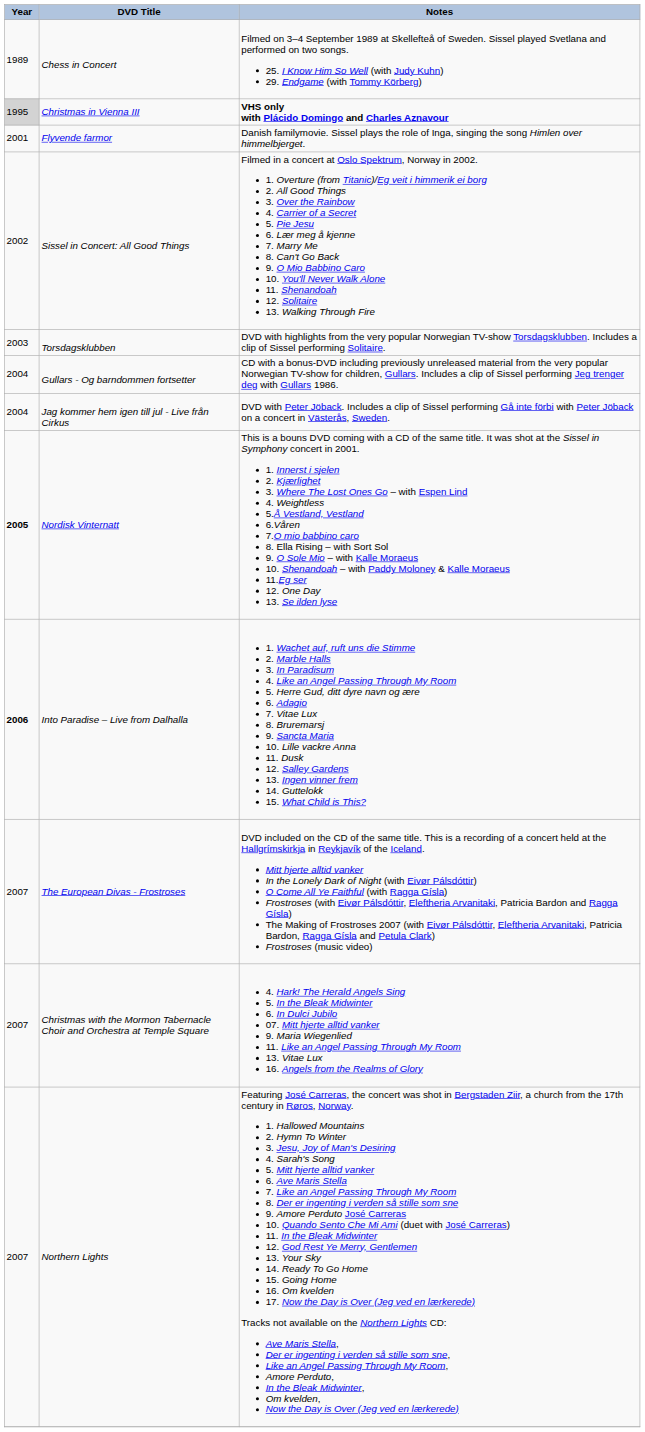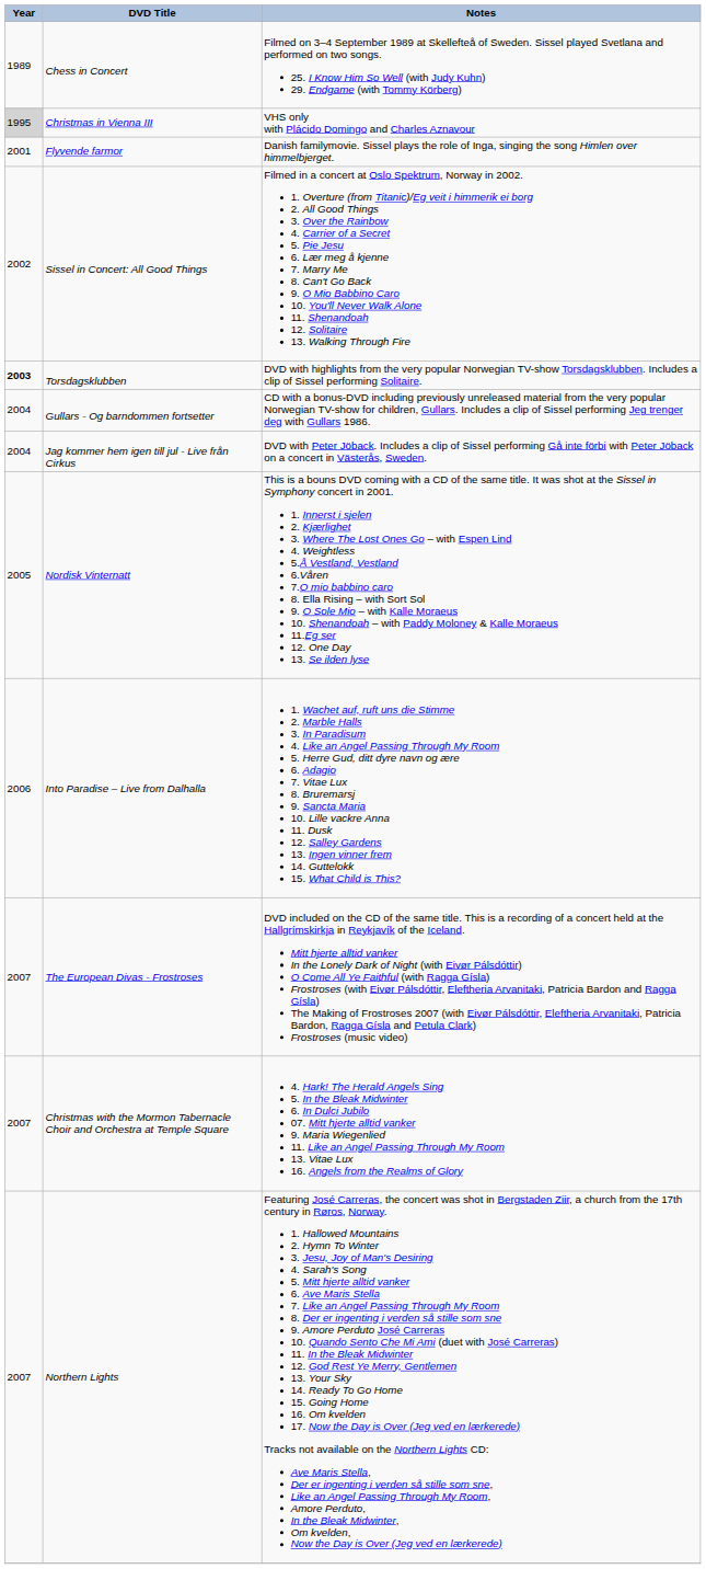 <table class="wikitable">
 <tr>
 <th style="background:#B0C4DE;" width="50">Year</th>
 <th style="background:#B0C4DE;" width="320">DVD Title</th>
 <th style="background:#B0C4DE;" width="650">Notes</th>
 </tr>
 <tr>
 <td>1989</td>
 <td><br><em>Chess in Concert</em></td>
 <td><br>Filmed on 3–4 September 1989 at Skellefteå of Sweden. Sissel played Svetlana and performed on two songs. <ul><li>25. <em><a href='#'>I Know Him So Well</a></em> (with <a href='#'>Judy Kuhn</a>)</li><li>29. <em><a href='#'>Endgame</a></em> (with <a href='#'>Tommy Körberg</a>)</li></ul></td>
 </tr>
 <tr>
 <td style="background: lightgrey;">1995</td>
 <td><em><a href='#'>Christmas in Vienna III</a></em></td>
-<td><strong>VHS only<br>with <a href='#'>Plácido Domingo</a> and <a href='#'>Charles Aznavour</a></strong></td>
+<td>VHS only<br>with <a href='#'>Plácido Domingo</a> and <a href='#'>Charles Aznavour</a></td>
 </tr>
 <tr>
 <td>2001</td>
 <td><em><a href='#'>Flyvende farmor</a></em></td>
 <td>Danish familymovie. Sissel plays the role of Inga, singing the song <em>Himlen over himmelbjerget</em>.</td>
 </tr>
 <tr>
 <td>2002</td>
 <td><br><em>Sissel in Concert: All Good Things</em></td>
 <td>Filmed in a concert at <a href='#'>Oslo Spektrum</a>, Norway in 2002.<br><ul><li>1. <em>Overture (from <a href='#'>Titanic</a>)/<a href='#'>Eg veit i himmerik ei borg</a></em></li><li>2. <em>All Good Things</em></li><li>3. <em><a href='#'>Over the Rainbow</a></em></li><li>4. <em><a href='#'>Carrier of a Secret</a></em></li><li>5. <em><a href='#'>Pie Jesu</a></em></li><li>6. <em>Lær meg å kjenne</em></li><li>7. <em>Marry Me</em></li><li>8. <em>Can't Go Back</em></li><li>9. <em><a href='#'>O Mio Babbino Caro</a></em></li><li>10. <em><a href='#'>You'll Never Walk Alone</a></em></li><li>11. <em><a href='#'>Shenandoah</a></em></li><li>12. <em><a href='#'>Solitaire</a></em></li><li>13. <em>Walking Through Fire</em></li></ul></td>
 </tr>
 <tr>
-<td>2003</td>
+<td><strong>2003</strong></td>
 <td><br><em>Torsdagsklubben</em></td>
 <td>DVD with highlights from the very popular Norwegian TV-show <a href='#'>Torsdagsklubben</a>. Includes a clip of Sissel performing <a href='#'>Solitaire</a>.</td>
 </tr>
 <tr>
 <td>2004</td>
 <td><br><em>Gullars - Og barndommen fortsetter</em></td>
 <td>CD with a bonus-DVD including previously unreleased material from the very popular Norwegian TV-show for children, <a href='#'>Gullars</a>. Includes a clip of Sissel performing <a href='#'>Jeg trenger deg</a> with <a href='#'>Gullars</a> 1986.</td>
 </tr>
 <tr>
 <td>2004</td>
 <td><br><em>Jag kommer hem igen till jul - Live från Cirkus</em></td>
 <td>DVD with <a href='#'>Peter Jöback</a>. Includes a clip of Sissel performing <a href='#'>Gå inte förbi</a> with <a href='#'>Peter Jöback</a> on a concert in <a href='#'>Västerås</a>, <a href='#'>Sweden</a>.</td>
 </tr>
 <tr>
-<td><strong>2005</strong></td>
+<td>2005</td>
 <td><em><a href='#'>Nordisk Vinternatt</a></em></td>
 <td>This is a bouns DVD coming with a CD of the same title. It was shot at the <em>Sissel in Symphony</em> concert in 2001.<br><ul><li>1. <em><a href='#'>Innerst i sjelen</a></em></li><li>2. <em><a href='#'>Kjærlighet</a></em></li><li>3. <em><a href='#'>Where The Lost Ones Go</a></em> – with <a href='#'>Espen Lind</a></li><li>4. <em>Weightless</em></li><li>5.<em><a href='#'>Å Vestland, Vestland</a></em></li><li>6.<em>Våren </em></li><li>7.<em><a href='#'>O mio babbino caro</a></em></li><li>8. Ella Rising – with Sort Sol</li><li>9. <em><a href='#'>O Sole Mio</a></em> – with <a href='#'>Kalle Moraeus</a></li><li>10. <em><a href='#'>Shenandoah</a></em> – with <a href='#'>Paddy Moloney</a> & <a href='#'>Kalle Moraeus</a></li><li>11.<em><a href='#'>Eg ser</a></em></li><li>12. <em>One Day</em></li><li>13. <em><a href='#'>Se ilden lyse</a></em></li></ul></td>
 </tr>
 <tr>
-<td><strong>2006</strong></td>
+<td>2006</td>
 <td><em>Into Paradise – Live from Dalhalla</em></td>
 <td><br><ul><li>1. <em><a href='#'>Wachet auf, ruft uns die Stimme</a></em></li><li>2. <em><a href='#'>Marble Halls</a></em></li><li>3. <em><a href='#'>In Paradisum</a></em></li><li>4. <em><a href='#'>Like an Angel Passing Through My Room</a></em></li><li>5. <em>Herre Gud, ditt dyre navn og ære</em></li><li>6. <em><a href='#'>Adagio</a></em></li><li>7. <em>Vitae Lux</em></li><li>8. <em>Bruremarsj</em></li><li>9. <em><a href='#'>Sancta Maria</a></em></li><li>10. <em>Lille vackre Anna</em></li><li>11. <em>Dusk</em></li><li>12. <em><a href='#'>Salley Gardens</a></em></li><li>13. <em><a href='#'>Ingen vinner frem</a></em></li><li>14. <em>Guttelokk</em></li><li>15. <em><a href='#'>What Child is This?</a></em></li></ul></td>
 </tr>
 <tr>
 <td>2007</td>
 <td><em><a href='#'>The European Divas - Frostroses</a></em></td>
 <td><br>DVD included on the CD of the same title. This is a recording of a concert held at the <a href='#'>Hallgrímskirkja</a> in <a href='#'>Reykjavík</a> of the <a href='#'>Iceland</a>. <ul><li><em><a href='#'>Mitt hjerte alltid vanker</a></em></li><li><em>In the Lonely Dark of Night</em> (with <a href='#'>Eivør Pálsdóttir</a>)</li><li><em><a href='#'>O Come All Ye Faithful</a></em> (with <a href='#'>Ragga Gísla</a>)</li><li><em>Frostroses</em> (with <a href='#'>Eivør Pálsdóttir</a>, <a href='#'>Eleftheria Arvanitaki</a>, Patricia Bardon and <a href='#'>Ragga Gísla</a>)</li><li>The Making of Frostroses 2007 (with <a href='#'>Eivør Pálsdóttir</a>, <a href='#'>Eleftheria Arvanitaki</a>, Patricia Bardon, <a href='#'>Ragga Gísla</a> and <a href='#'>Petula Clark</a>)</li><li><em>Frostroses</em> (music video)</li></ul></td>
 </tr>
 <tr>
 <td>2007</td>
 <td><em>Christmas with the Mormon Tabernacle Choir and Orchestra at Temple Square</em></td>
 <td><br><ul><li>4. <em><a href='#'>Hark! The Herald Angels Sing</a></em></li><li>5. <em><a href='#'>In the Bleak Midwinter</a></em></li><li>6. <em><a href='#'>In Dulci Jubilo</a></em></li><li>07. <em><a href='#'>Mitt hjerte alltid vanker</a></em></li><li>9. <em>Maria Wiegenlied</em></li><li>11. <em><a href='#'>Like an Angel Passing Through My Room</a></em></li><li>13. <em>Vitae Lux</em></li><li>16. <em><a href='#'>Angels from the Realms of Glory</a></em></li></ul></td>
 </tr>
 <tr>
 <td>2007</td>
 <td><em>Northern Lights</em></td>
 <td>Featuring <a href='#'>José Carreras</a>, the concert was shot in <a href='#'>Bergstaden Ziir</a>, a church from the 17th century in <a href='#'>Røros</a>, <a href='#'>Norway</a>.<br><ul><li>1. <em>Hallowed Mountains</em></li><li>2. <em>Hymn To Winter</em></li><li>3. <em><a href='#'>Jesu, Joy of Man's Desiring</a></em></li><li>4. <em>Sarah's Song</em></li><li>5. <em><a href='#'>Mitt hjerte alltid vanker</a></em></li><li>6. <em><a href='#'>Ave Maris Stella</a></em></li><li>7. <em><a href='#'>Like an Angel Passing Through My Room</a></em></li><li>8. <em><a href='#'>Der er ingenting i verden så stille som sne</a></em></li><li>9. <em>Amore Perduto</em> <a href='#'>José Carreras</a></li><li>10. <em><a href='#'>Quando Sento Che Mi Ami</a></em> (duet with <a href='#'>José Carreras</a>)</li><li>11. <em><a href='#'>In the Bleak Midwinter</a></em></li><li>12. <em><a href='#'>God Rest Ye Merry, Gentlemen</a></em></li><li>13. <em>Your Sky</em></li><li>14. <em>Ready To Go Home</em></li><li>15. <em>Going Home</em></li><li>16. <em>Om kvelden</em></li><li>17. <em><a href='#'>Now the Day is Over (Jeg ved en lærkerede)</a></em></li></ul>Tracks not available on the <em><a href='#'>Northern Lights</a></em> CD:<ul><li><em><a href='#'>Ave Maris Stella</a></em>,</li><li><em><a href='#'>Der er ingenting i verden så stille som sne</a></em>,</li><li><em><a href='#'>Like an Angel Passing Through My Room</a></em>,</li><li><em>Amore Perduto</em>,</li><li><em><a href='#'>In the Bleak Midwinter</a></em>,</li><li><em>Om kvelden</em>,</li><li><em><a href='#'>Now the Day is Over (Jeg ved en lærkerede)</a></em></li></ul></td>
 </tr>
 <tr>
 </tr>
 </table>
